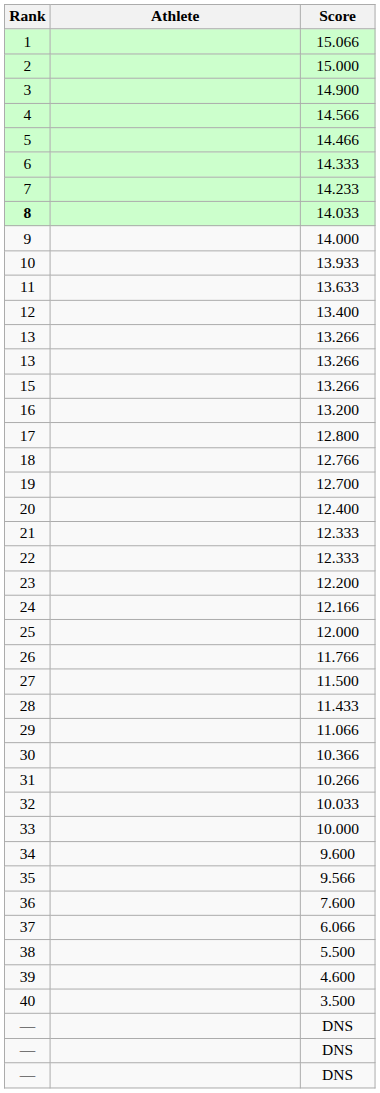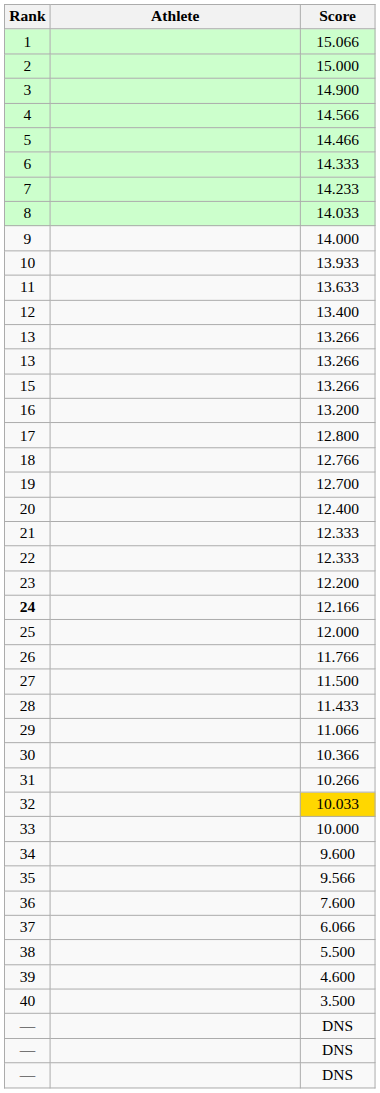 <table class=wikitable style="text-align:center">
 <tr>
 <th width=40>Rank</th>
 <th width=250>Athlete</th>
 <th width=70>Score</th>
 </tr>
 <tr bgcolor="ccffcc">
 <td>1</td>
 <td align=left></td>
 <td>15.066</td>
 </tr>
 <tr bgcolor="ccffcc">
 <td>2</td>
 <td align=left></td>
 <td>15.000</td>
 </tr>
 <tr bgcolor="ccffcc">
 <td>3</td>
 <td align=left></td>
 <td>14.900</td>
 </tr>
 <tr bgcolor="ccffcc">
 <td>4</td>
 <td align=left></td>
 <td>14.566</td>
 </tr>
 <tr bgcolor="ccffcc">
 <td>5</td>
 <td align=left></td>
 <td>14.466</td>
 </tr>
 <tr bgcolor="ccffcc">
 <td>6</td>
 <td align=left></td>
 <td>14.333</td>
 </tr>
 <tr bgcolor="ccffcc">
 <td>7</td>
 <td align=left></td>
 <td>14.233</td>
 </tr>
 <tr bgcolor="ccffcc">
-<td><strong>8</strong></td>
+<td>8</td>
 <td align=left></td>
 <td>14.033</td>
 </tr>
 <tr>
 <td>9</td>
 <td align=left></td>
 <td>14.000</td>
 </tr>
 <tr>
 <td>10</td>
 <td align=left></td>
 <td>13.933</td>
 </tr>
 <tr>
 <td>11</td>
 <td align=left></td>
 <td>13.633</td>
 </tr>
 <tr>
 <td>12</td>
 <td align=left></td>
 <td>13.400</td>
 </tr>
 <tr>
 <td>13</td>
 <td align=left></td>
 <td>13.266</td>
 </tr>
 <tr>
 <td>13</td>
 <td align=left></td>
 <td>13.266</td>
 </tr>
 <tr>
 <td>15</td>
 <td align=left></td>
 <td>13.266</td>
 </tr>
 <tr>
 <td>16</td>
 <td align=left></td>
 <td>13.200</td>
 </tr>
 <tr>
 <td>17</td>
 <td align=left></td>
 <td>12.800</td>
 </tr>
 <tr>
 <td>18</td>
 <td align=left></td>
 <td>12.766</td>
 </tr>
 <tr>
 <td>19</td>
 <td align=left></td>
 <td>12.700</td>
 </tr>
 <tr>
 <td>20</td>
 <td align=left></td>
 <td>12.400</td>
 </tr>
 <tr>
 <td>21</td>
 <td align=left></td>
 <td>12.333</td>
 </tr>
 <tr>
 <td>22</td>
 <td align=left></td>
 <td>12.333</td>
 </tr>
 <tr>
 <td>23</td>
 <td align=left></td>
 <td>12.200</td>
 </tr>
 <tr>
-<td>24</td>
+<td><strong>24</strong></td>
 <td align=left></td>
 <td>12.166</td>
 </tr>
 <tr>
 <td>25</td>
 <td align=left></td>
 <td>12.000</td>
 </tr>
 <tr>
 <td>26</td>
 <td align=left></td>
 <td>11.766</td>
 </tr>
 <tr>
 <td>27</td>
 <td align=left></td>
 <td>11.500</td>
 </tr>
 <tr>
 <td>28</td>
 <td align=left></td>
 <td>11.433</td>
 </tr>
 <tr>
 <td>29</td>
 <td align=left></td>
 <td>11.066</td>
 </tr>
 <tr>
 <td>30</td>
 <td align=left></td>
 <td>10.366</td>
 </tr>
 <tr>
 <td>31</td>
 <td align=left></td>
 <td>10.266</td>
 </tr>
 <tr>
 <td>32</td>
 <td align=left></td>
-<td>10.033</td>
+<td style="background: gold;">10.033</td>
 </tr>
 <tr>
 <td>33</td>
 <td align=left></td>
 <td>10.000</td>
 </tr>
 <tr>
 <td>34</td>
 <td align=left></td>
 <td>9.600</td>
 </tr>
 <tr>
 <td>35</td>
 <td align=left></td>
 <td>9.566</td>
 </tr>
 <tr>
 <td>36</td>
 <td align=left></td>
 <td>7.600</td>
 </tr>
 <tr>
 <td>37</td>
 <td align=left></td>
 <td>6.066</td>
 </tr>
 <tr>
 <td>38</td>
 <td align=left></td>
 <td>5.500</td>
 </tr>
 <tr>
 <td>39</td>
 <td align=left></td>
 <td>4.600</td>
 </tr>
 <tr>
 <td>40</td>
 <td align=left></td>
 <td>3.500</td>
 </tr>
 <tr>
 <td>—</td>
 <td align=left></td>
 <td>DNS</td>
 </tr>
 <tr>
 <td>—</td>
 <td align=left></td>
 <td>DNS</td>
 </tr>
 <tr>
 <td>—</td>
 <td align=left></td>
 <td>DNS</td>
 </tr>
 </table>
